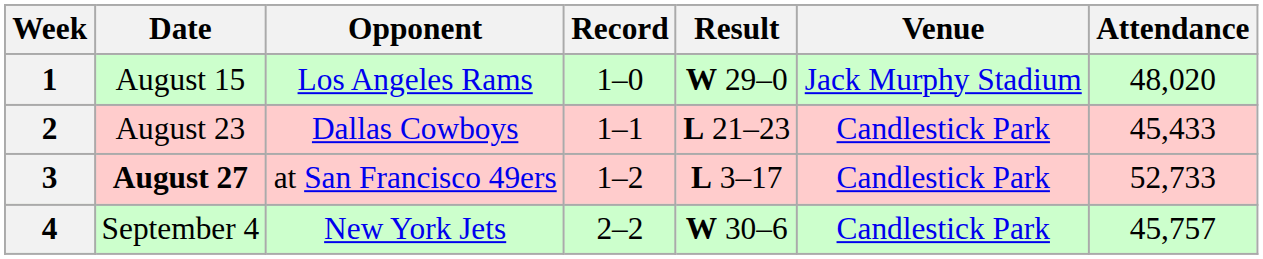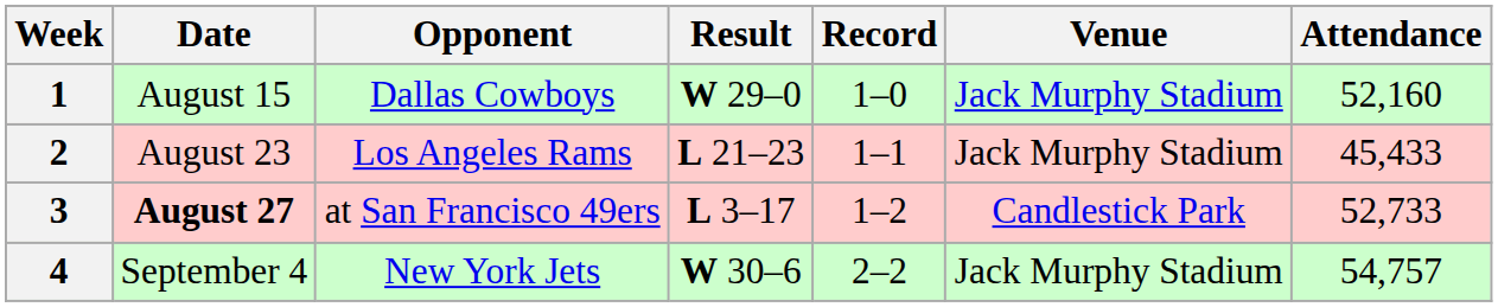 <table class="wikitable" style="text-align:center">
 <tr>
 <th>Week</th>
 <th>Date</th>
 <th>Opponent</th>
+<th>Result</th>
 <th>Record</th>
-<th>Result</th>
 <th>Venue</th>
 <th>Attendance</th>
 </tr>
 <tr style="background: #cfc;">
 <th>1</th>
 <td>August 15</td>
-<td><a href='#'>Los Angeles Rams</a></td>
+<td><a href='#'>Dallas Cowboys</a></td>
+<td><strong>W</strong> 29–0</td>
 <td>1–0</td>
-<td><strong>W</strong> 29–0</td>
 <td><a href='#'>Jack Murphy Stadium</a></td>
-<td>48,020</td>
+<td>52,160</td>
 </tr>
 <tr style="background: #fcc;">
 <th>2</th>
 <td>August 23</td>
-<td><a href='#'>Dallas Cowboys</a></td>
+<td><a href='#'>Los Angeles Rams</a></td>
+<td><strong>L</strong> 21–23</td>
 <td>1–1</td>
-<td><strong>L</strong> 21–23</td>
-<td><a href='#'>Candlestick Park</a></td>
+<td>Jack Murphy Stadium</td>
 <td>45,433</td>
 </tr>
 <tr style="background: #fcc;">
 <th>3</th>
 <td><strong>August 27</strong></td>
 <td>at <a href='#'>San Francisco 49ers</a></td>
+<td><strong>L</strong> 3–17</td>
 <td>1–2</td>
-<td><strong>L</strong> 3–17</td>
 <td><a href='#'>Candlestick Park</a></td>
 <td>52,733</td>
 </tr>
 <tr style="background: #cfc;">
 <th>4</th>
 <td>September 4</td>
 <td><a href='#'>New York Jets</a></td>
+<td><strong>W</strong> 30–6</td>
 <td>2–2</td>
-<td><strong>W</strong> 30–6</td>
-<td><a href='#'>Candlestick Park</a></td>
-<td>45,757</td>
+<td>Jack Murphy Stadium</td>
+<td>54,757</td>
 </tr>
 </table>
